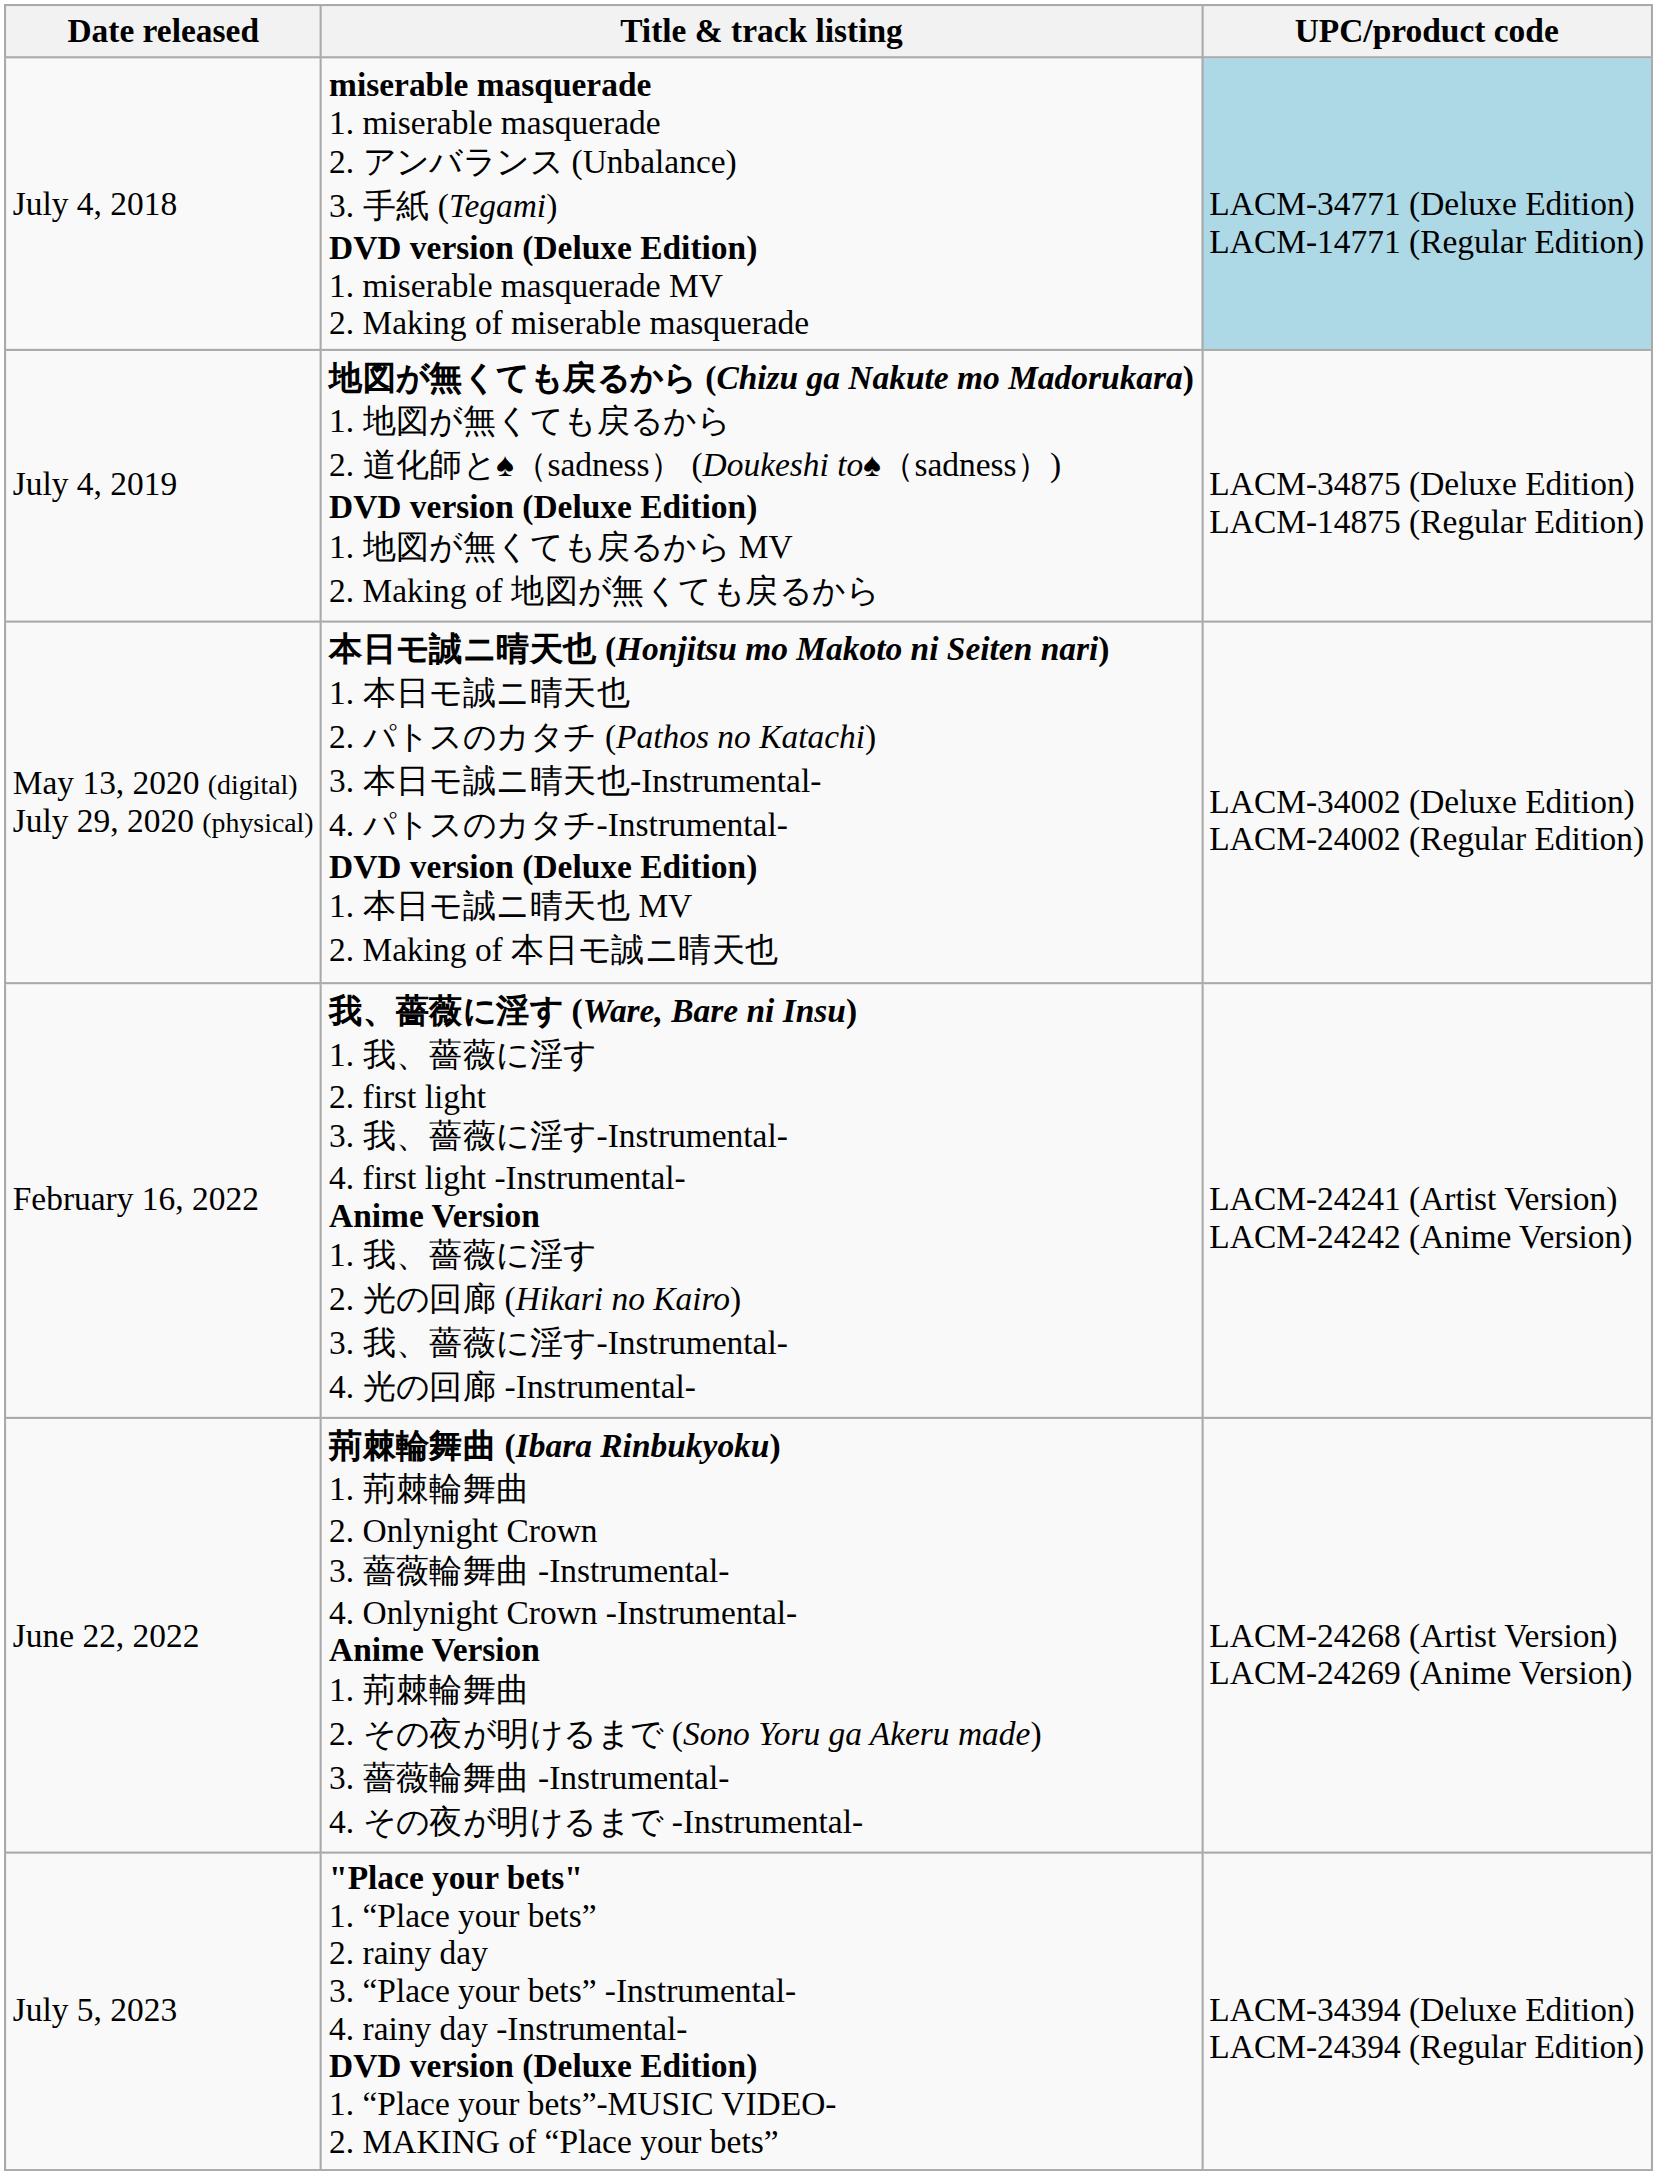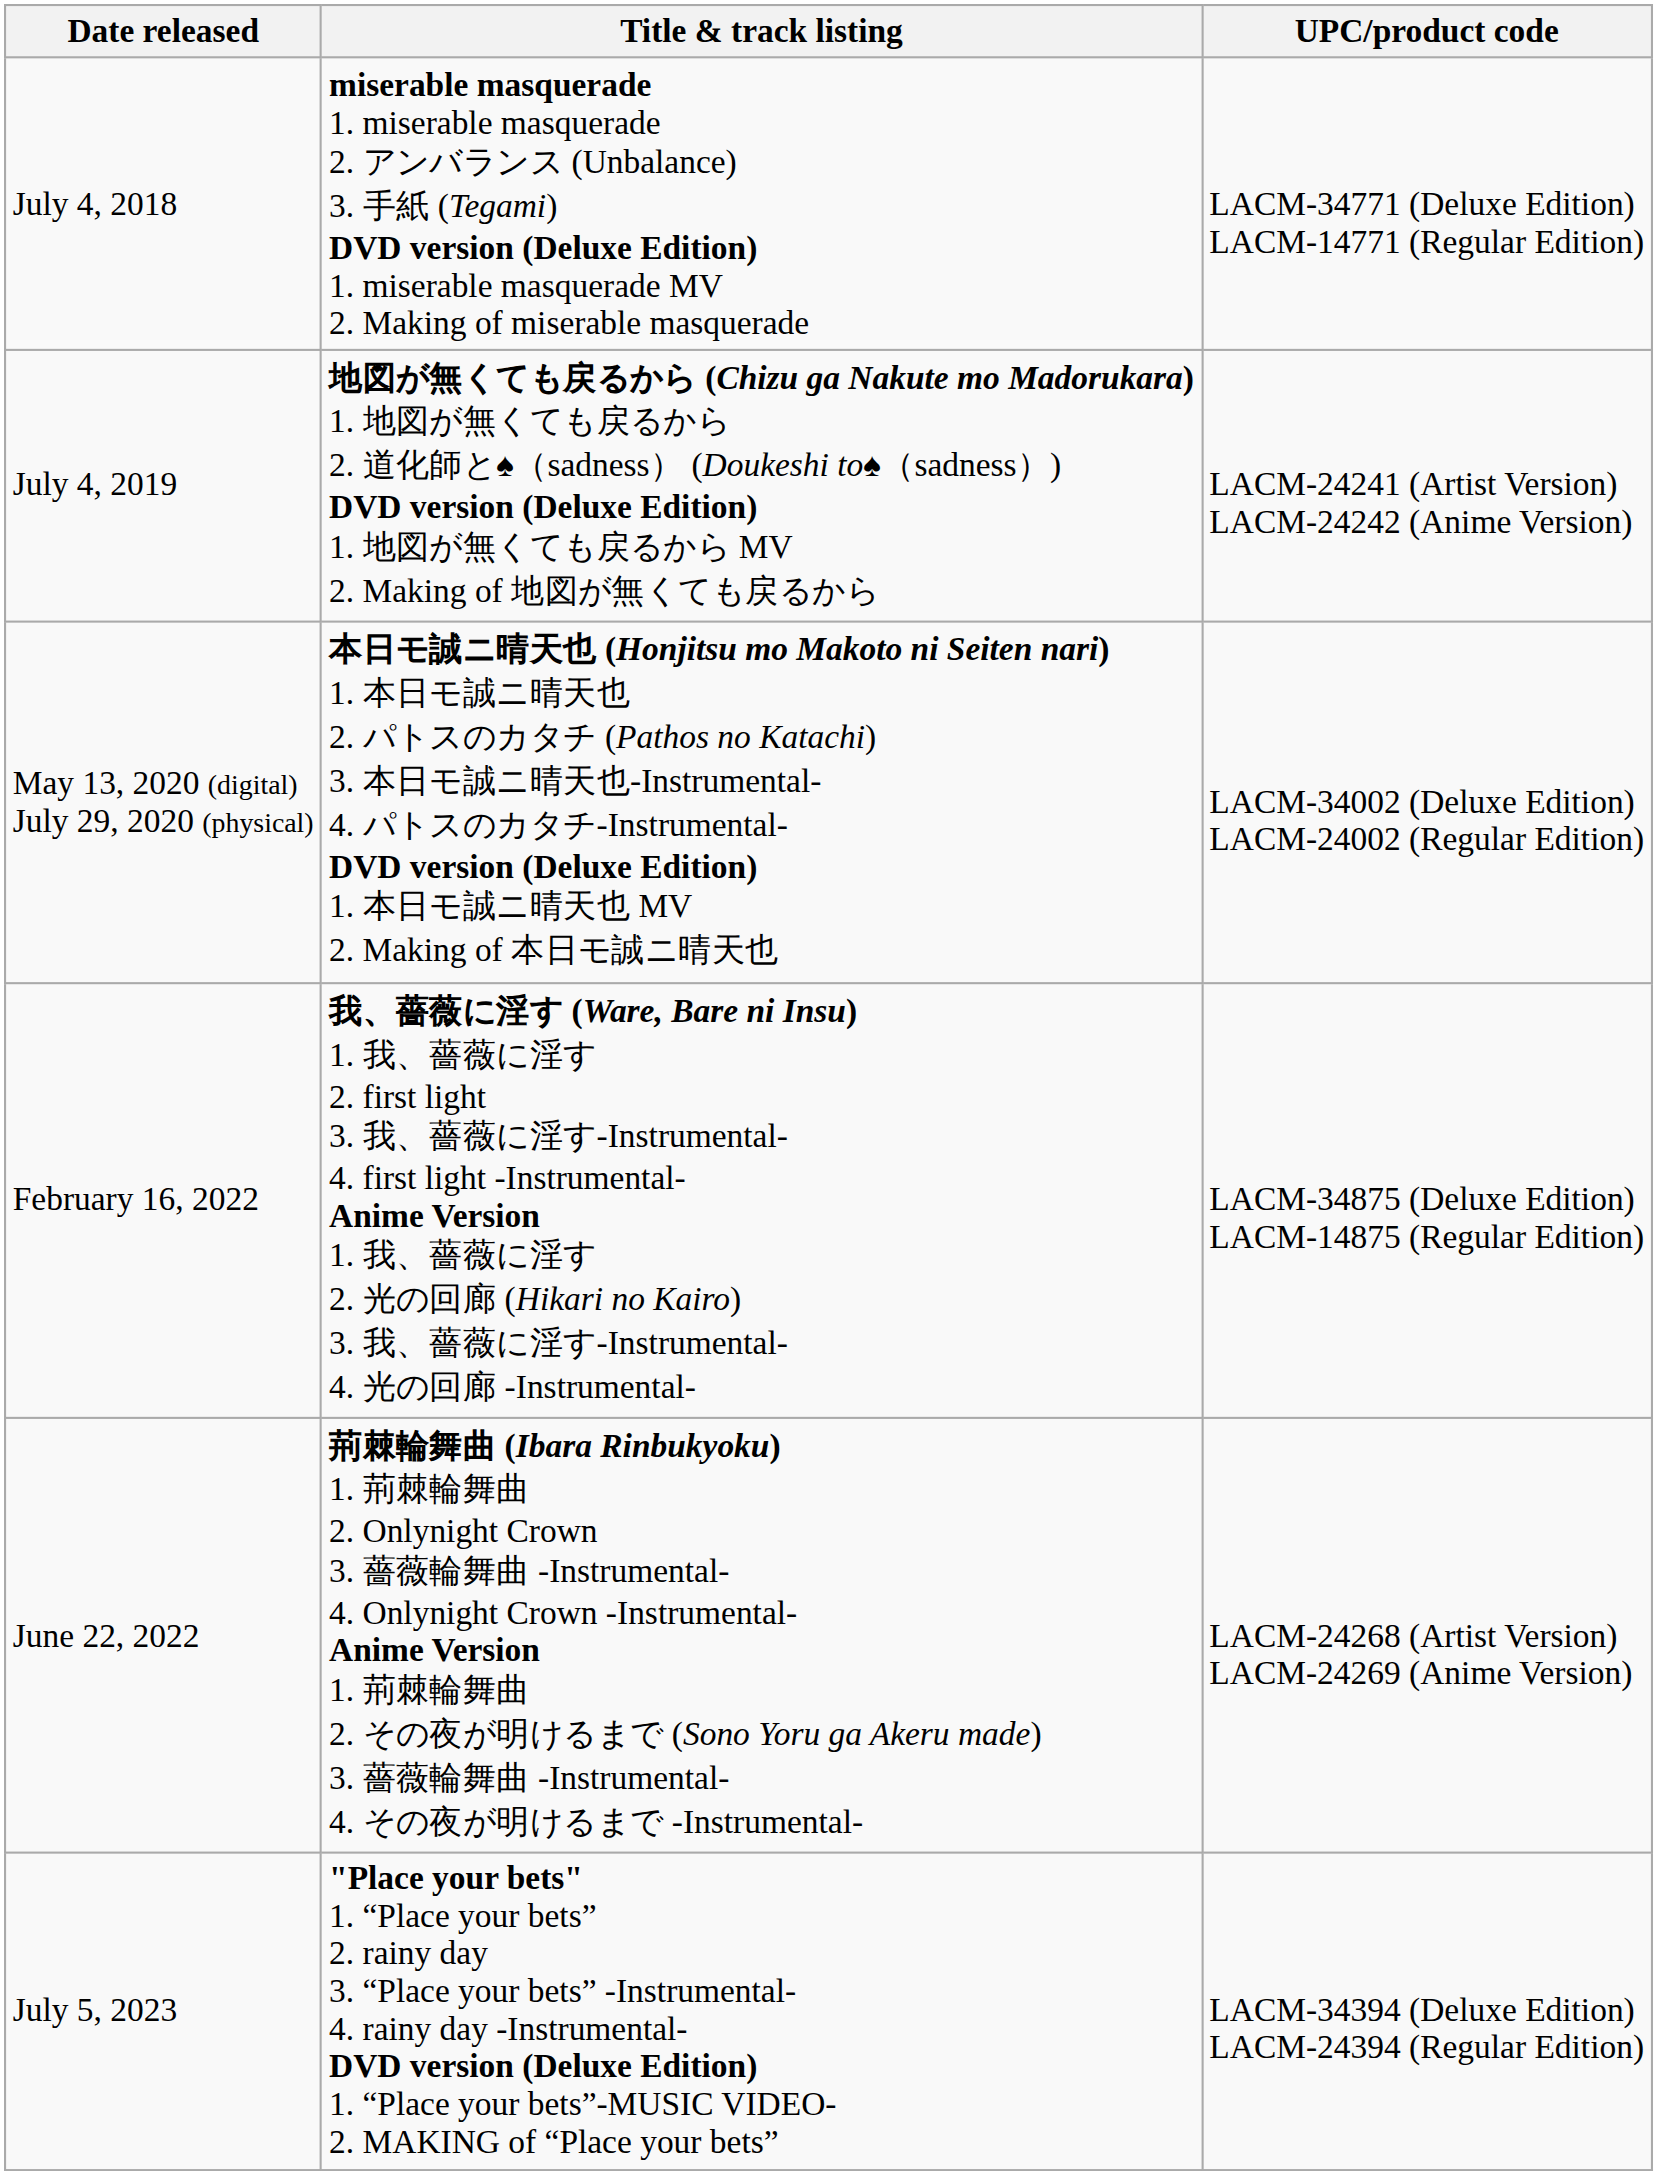 <table class=wikitable>
 <tr>
 <th>Date released</th>
 <th>Title & track listing</th>
 <th>UPC/product code</th>
 </tr>
 <tr>
 <td>July 4, 2018</td>
 <td><strong>miserable masquerade</strong> <br>1. miserable masquerade <br> 2. アンバランス (Unbalance)<br> 3. 手紙 (<em>Tegami</em>)<br> <strong>DVD version (Deluxe Edition)</strong><br> 1. miserable masquerade MV<br> 2. Making of miserable masquerade<br></td>
-<td style="background: lightblue;"><br>LACM-34771 (Deluxe Edition)<br> LACM-14771 (Regular Edition)</td>
+<td><br>LACM-34771 (Deluxe Edition)<br> LACM-14771 (Regular Edition)</td>
 </tr>
 <tr>
 <td>July 4, 2019</td>
 <td><strong>地図が無くても戻るから (<em>Chizu ga Nakute mo Madorukara</em>)</strong> <br>1. 地図が無くても戻るから <br> 2. 道化師と♠︎（sadness） (<em>Doukeshi to</em>♠︎（sadness）)<br> <strong>DVD version (Deluxe Edition)</strong><br> 1. 地図が無くても戻るから MV<br> 2. Making of 地図が無くても戻るから<br></td>
-<td><br>LACM-34875 (Deluxe Edition)<br> LACM-14875 (Regular Edition)</td>
+<td><br>LACM-24241 (Artist Version)<br> LACM-24242 (Anime Version)</td>
 </tr>
 <tr>
 <td>May 13, 2020 <small>(digital)</small><br>July 29, 2020 <small>(physical)</small></td>
 <td><strong>本日モ誠ニ晴天也 (<em>Honjitsu mo Makoto ni Seiten nari</em>)</strong> <br>1. 本日モ誠ニ晴天也 <br> 2. パトスのカタチ (<em>Pathos no Katachi</em>)<br>3. 本日モ誠ニ晴天也-Instrumental- <br> 4. パトスのカタチ-Instrumental-<br> <strong>DVD version (Deluxe Edition)</strong><br> 1. 本日モ誠ニ晴天也 MV<br> 2. Making of 本日モ誠ニ晴天也<br></td>
 <td><br>LACM-34002 (Deluxe Edition)<br> LACM-24002 (Regular Edition)</td>
 </tr>
 <tr>
 <td>February 16, 2022</td>
 <td><strong>我、薔薇に淫す (<em>Ware, Bare ni Insu</em>)</strong> <br>1. 我、薔薇に淫す<br> 2. first light<br>3. 我、薔薇に淫す-Instrumental-<br> 4. first light -Instrumental-<br> <strong>Anime Version</strong><br> 1. 我、薔薇に淫す<br> 2. 光の回廊 (<em>Hikari no Kairo</em>)<br> 3. 我、薔薇に淫す-Instrumental-<br> 4. 光の回廊 -Instrumental-</td>
-<td><br>LACM-24241 (Artist Version)<br> LACM-24242 (Anime Version)</td>
+<td><br>LACM-34875 (Deluxe Edition)<br> LACM-14875 (Regular Edition)</td>
 </tr>
 <tr>
 <td>June 22, 2022</td>
 <td><strong>荊棘輪舞曲 (<em>Ibara Rinbukyoku</em>)</strong> <br>1. 荊棘輪舞曲<br> 2. Onlynight Crown<br>3. 薔薇輪舞曲 -Instrumental-<br> 4. Onlynight Crown -Instrumental-<br> <strong>Anime Version</strong><br> 1. 荊棘輪舞曲<br> 2. その夜が明けるまで (<em>Sono Yoru ga Akeru made</em>)<br> 3. 薔薇輪舞曲 -Instrumental-<br> 4. その夜が明けるまで -Instrumental-</td>
 <td><br>LACM-24268 (Artist Version)<br> LACM-24269 (Anime Version)</td>
 </tr>
 <tr>
 <td>July 5, 2023</td>
 <td><strong>"Place your bets"</strong> <br>1. “Place your bets” <br> 2. rainy day<br>3. “Place your bets” -Instrumental-<br> 4. rainy day -Instrumental-<br><strong>DVD version (Deluxe Edition)</strong><br> 1. “Place your bets”-MUSIC VIDEO-<br> 2. MAKING of “Place your bets”<br></td>
 <td><br>LACM-34394 (Deluxe Edition)<br> LACM-24394 (Regular Edition)</td>
 </tr>
 <tr>
 </tr>
 </table>
